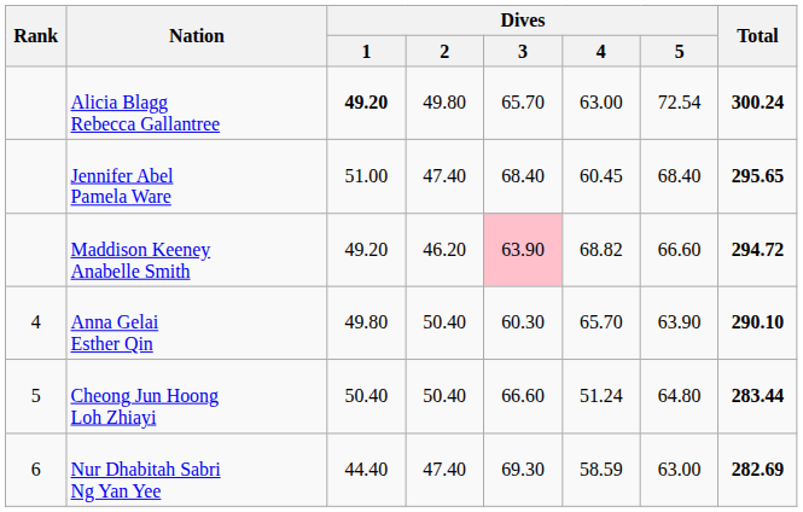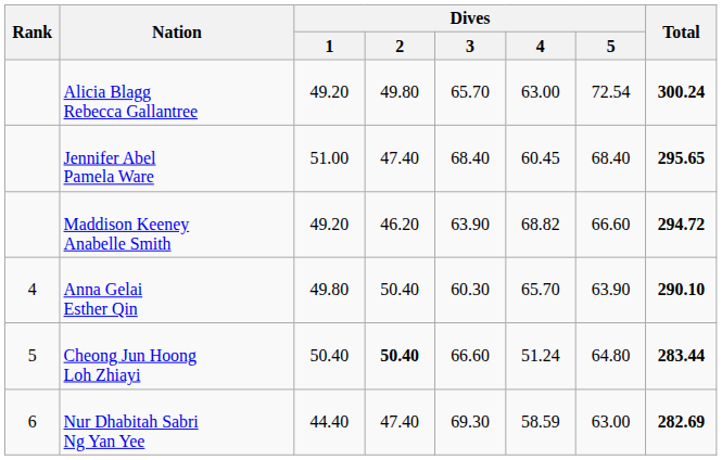 <table class="wikitable" width="75%">
 <tr>
 <th rowspan="2" width="7%">Rank</th>
 <th rowspan="2" width="30%">Nation</th>
 <th colspan="5">Dives</th>
 <th rowspan="2" width="9%">Total</th>
 </tr>
 <tr>
 <th width="9%">1</th>
 <th width="9%">2</th>
 <th width="9%">3</th>
 <th width="9%">4</th>
 <th width="9%">5</th>
 </tr>
 <tr>
 <td align="center"></td>
 <td><br><a href='#'>Alicia Blagg</a><br><a href='#'>Rebecca Gallantree</a></td>
-<td align="center"><strong>49.20</strong></td>
+<td align="center">49.20</td>
 <td align="center">49.80</td>
 <td align="center">65.70</td>
 <td align="center">63.00</td>
 <td align="center">72.54</td>
 <td align="center"><strong>300.24</strong></td>
 </tr>
 <tr>
 <td align="center"></td>
 <td><br><a href='#'>Jennifer Abel</a><br><a href='#'>Pamela Ware</a></td>
 <td align="center">51.00</td>
 <td align="center">47.40</td>
 <td align="center">68.40</td>
 <td align="center">60.45</td>
 <td align="center">68.40</td>
 <td align="center"><strong>295.65</strong></td>
 </tr>
 <tr>
 <td align="center"></td>
 <td><br><a href='#'>Maddison Keeney</a><br><a href='#'>Anabelle Smith</a></td>
 <td align="center">49.20</td>
 <td align="center">46.20</td>
-<td align="center" style="background: pink;">63.90</td>
+<td align="center">63.90</td>
 <td align="center">68.82</td>
 <td align="center">66.60</td>
 <td align="center"><strong>294.72</strong></td>
 </tr>
 <tr>
 <td align="center">4</td>
 <td><br><a href='#'>Anna Gelai</a><br><a href='#'>Esther Qin</a></td>
 <td align="center">49.80</td>
 <td align="center">50.40</td>
 <td align="center">60.30</td>
 <td align="center">65.70</td>
 <td align="center">63.90</td>
 <td align="center"><strong>290.10</strong></td>
 </tr>
 <tr>
 <td align="center">5</td>
 <td><br><a href='#'>Cheong Jun Hoong</a><br><a href='#'>Loh Zhiayi</a></td>
 <td align="center">50.40</td>
-<td align="center">50.40</td>
+<td align="center"><strong>50.40</strong></td>
 <td align="center">66.60</td>
 <td align="center">51.24</td>
 <td align="center">64.80</td>
 <td align="center"><strong>283.44</strong></td>
 </tr>
 <tr>
 <td align="center">6</td>
 <td><br><a href='#'>Nur Dhabitah Sabri</a><br><a href='#'>Ng Yan Yee</a></td>
 <td align="center">44.40</td>
 <td align="center">47.40</td>
 <td align="center">69.30</td>
 <td align="center">58.59</td>
 <td align="center">63.00</td>
 <td align="center"><strong>282.69</strong></td>
 </tr>
 </table>
